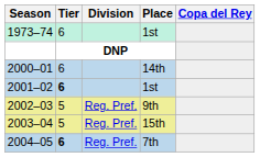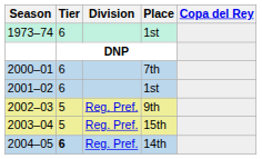 <table class="wikitable">
 <tr style="background:#f0f6fa;">
 <th>Season</th>
 <th>Tier</th>
 <th>Division</th>
 <th>Place</th>
 <th><a href='#'>Copa del Rey</a></th>
 </tr>
 <tr>
 <td style="background:#C0F2DF;">1973–74</td>
 <td style="background:#C0F2DF;">6</td>
 <td style="background:#C0F2DF;"></td>
 <td style="background:#C0F2DF;">1st</td>
 <td style="background:#efefef;"></td>
 </tr>
 <tr>
 <td style="background:#FFFFFF;"></td>
 <th style="background:#FFFFFF;" colspan="3">DNP</th>
 <td style="background:#efefef;"></td>
 </tr>
 <tr>
 <td style="background:#BBD7EC;">2000–01</td>
 <td style="background:#BBD7EC;">6</td>
 <td style="background:#BBD7EC;"></td>
-<td style="background:#BBD7EC;">14th</td>
+<td style="background:#BBD7EC;">7th</td>
 <td style="background:#efefef;"></td>
 </tr>
 <tr>
 <td style="background:#BBD7EC;">2001–02</td>
-<td style="background:#BBD7EC;"><strong>6</strong></td>
+<td style="background:#BBD7EC;">6</td>
 <td style="background:#BBD7EC;"></td>
 <td style="background:#BBD7EC;">1st</td>
 <td style="background:#efefef;"></td>
 </tr>
 <tr>
 <td style="background:#EFEF99;">2002–03</td>
 <td style="background:#EFEF99;">5</td>
 <td style="background:#EFEF99;"><a href='#'>Reg. Pref.</a></td>
 <td style="background:#EFEF99;">9th</td>
 <td style="background:#efefef;"></td>
 </tr>
 <tr>
 <td style="background:#EFEF99;">2003–04</td>
 <td style="background:#EFEF99;">5</td>
 <td style="background:#EFEF99;"><a href='#'>Reg. Pref.</a></td>
 <td style="background:#EFEF99;">15th</td>
 <td style="background:#efefef;"></td>
 </tr>
 <tr>
 <td style="background:#BBD7EC;">2004–05</td>
 <td style="background:#BBD7EC;"><strong>6</strong></td>
 <td style="background:#BBD7EC;"><a href='#'>Reg. Pref.</a></td>
-<td style="background:#BBD7EC;">7th</td>
+<td style="background:#BBD7EC;">14th</td>
 <td style="background:#efefef;"></td>
 </tr>
 </table>
